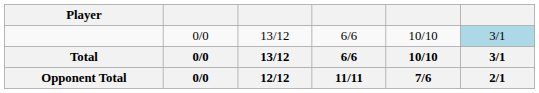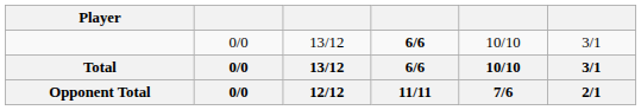 <table class="wikitable" style="text-align:center; width:50%; font-size:95%;">
 <tr>
 <th width="30%">Player</th>
 <th width="14%"></th>
 <th width="14%"></th>
 <th width="14%"></th>
 <th width="14%"></th>
 <th width="14%"></th>
 </tr>
 <tr>
 <td align=left></td>
 <td>0/0</td>
 <td>13/12</td>
-<td>6/6</td>
+<td><strong>6/6</strong></td>
 <td>10/10</td>
-<td style="background: lightblue;">3/1</td>
+<td>3/1</td>
 </tr>
 <tr>
 <th>Total</th>
 <th>0/0</th>
 <th>13/12</th>
 <th>6/6</th>
 <th>10/10</th>
 <th>3/1</th>
 </tr>
 <tr>
 <th>Opponent Total</th>
 <th>0/0</th>
 <th>12/12</th>
 <th>11/11</th>
 <th>7/6</th>
 <th>2/1</th>
 </tr>
 </table>
